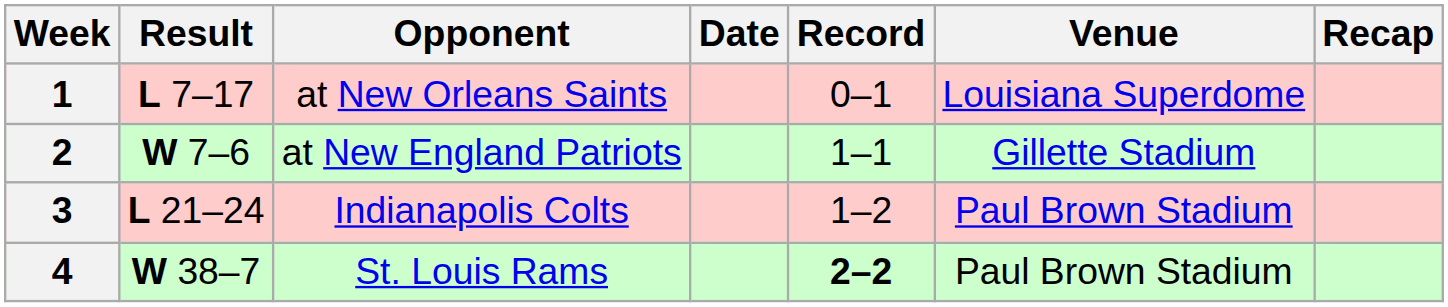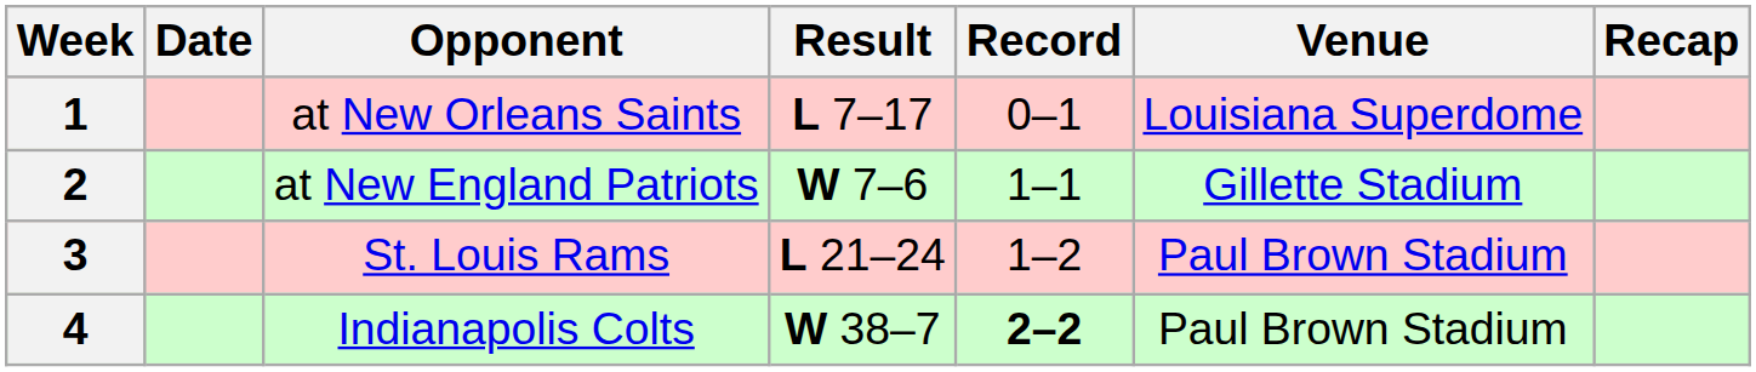 <table class="wikitable" style="text-align:center">
 <tr>
 <th>Week</th>
+<th>Date</th>
+<th>Opponent</th>
 <th>Result</th>
-<th>Opponent</th>
-<th>Date</th>
 <th>Record</th>
 <th>Venue</th>
 <th>Recap</th>
 </tr>
 <tr style="background:#fcc">
 <th>1</th>
+<td></td>
+<td>at <a href='#'>New Orleans Saints</a></td>
 <td><strong>L</strong> 7–17</td>
-<td>at <a href='#'>New Orleans Saints</a></td>
-<td></td>
 <td>0–1</td>
 <td><a href='#'>Louisiana Superdome</a></td>
 <td></td>
 </tr>
 <tr style="background:#cfc">
 <th>2</th>
+<td></td>
+<td>at <a href='#'>New England Patriots</a></td>
 <td><strong>W</strong> 7–6</td>
-<td>at <a href='#'>New England Patriots</a></td>
-<td></td>
 <td>1–1</td>
 <td><a href='#'>Gillette Stadium</a></td>
 <td></td>
 </tr>
 <tr style="background:#fcc">
 <th>3</th>
+<td></td>
+<td><a href='#'>St. Louis Rams</a></td>
 <td><strong>L</strong> 21–24</td>
-<td><a href='#'>Indianapolis Colts</a></td>
-<td></td>
 <td>1–2</td>
 <td><a href='#'>Paul Brown Stadium</a></td>
 <td></td>
 </tr>
 <tr style="background:#cfc">
 <th>4</th>
+<td></td>
+<td><a href='#'>Indianapolis Colts</a></td>
 <td><strong>W</strong> 38–7</td>
-<td><a href='#'>St. Louis Rams</a></td>
-<td></td>
 <td><strong>2–2</strong></td>
 <td>Paul Brown Stadium</td>
 <td></td>
 </tr>
 </table>
